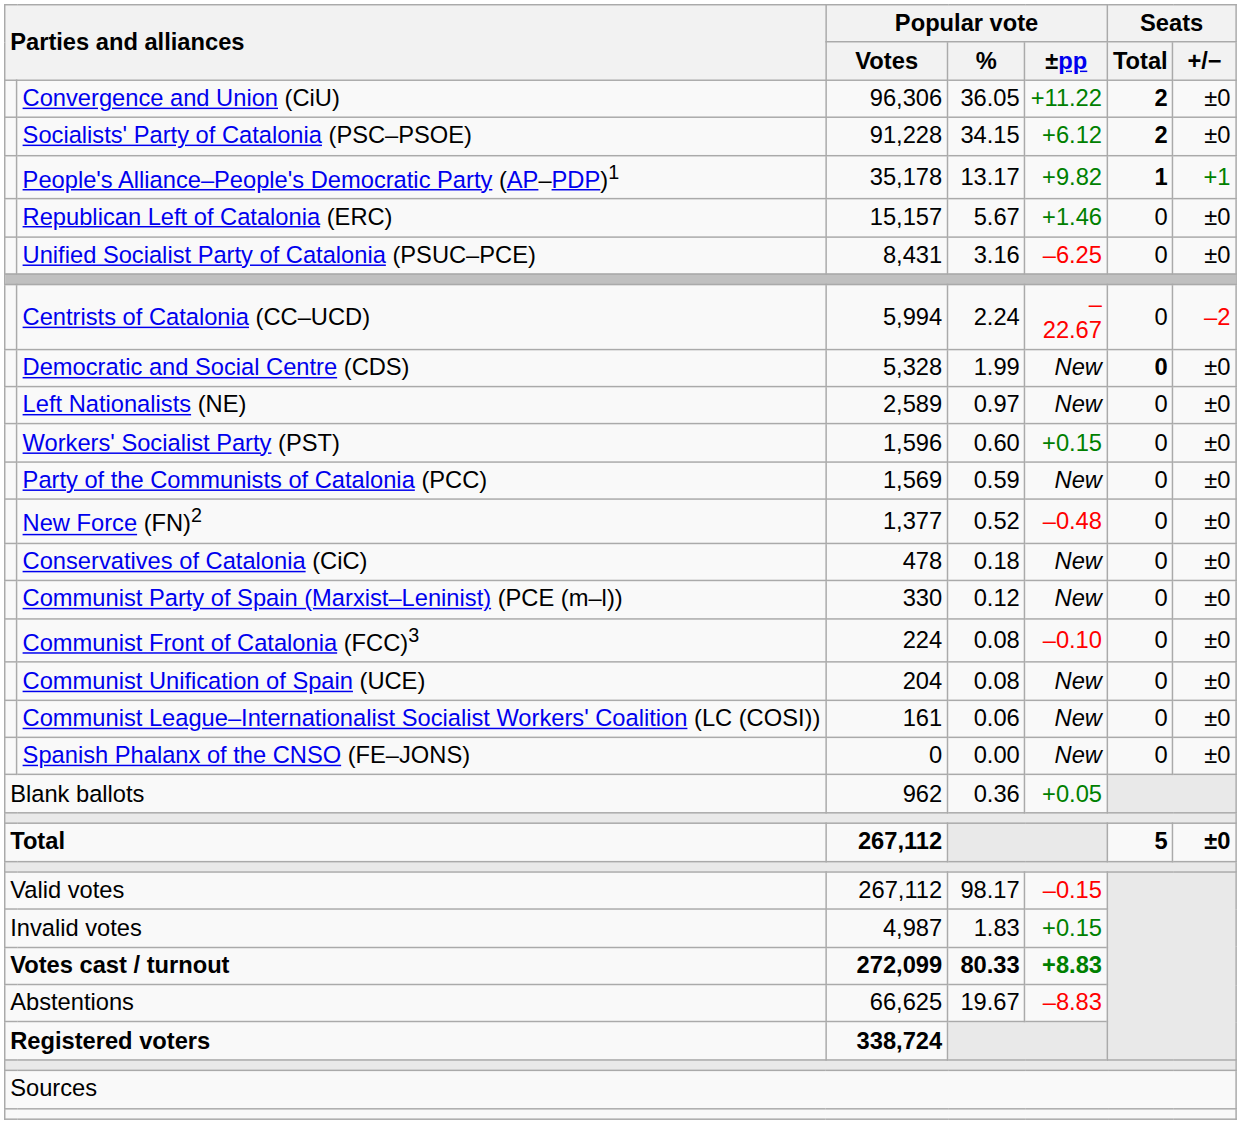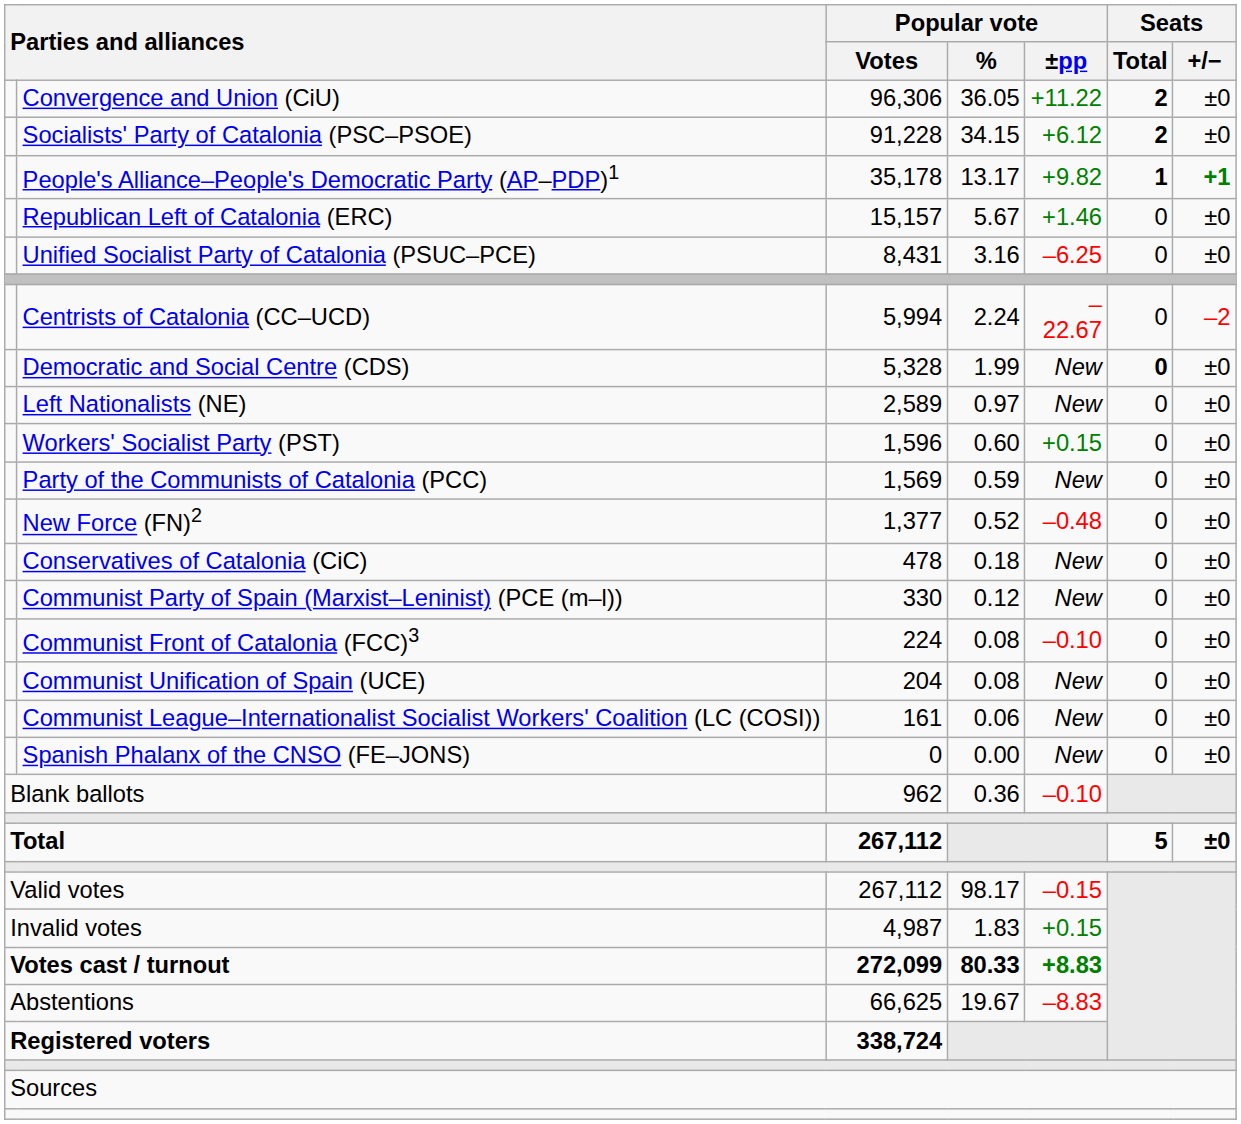 <table class="wikitable" style="text-align:right;">
 <tr>
 <th style="text-align:left;" rowspan="2" colspan="2" width="525">Parties and alliances</th>
 <th colspan="3">Popular vote</th>
 <th colspan="2">Seats</th>
 </tr>
 <tr>
 <th width="75">Votes</th>
 <th width="45">%</th>
 <th width="45">±<a href='#'>pp</a></th>
 <th width="35">Total</th>
 <th width="35">+/−</th>
 </tr>
 <tr>
 <td width="1" style="color:inherit;background:"></td>
 <td align="left"><a href='#'>Convergence and Union</a> (CiU)</td>
 <td>96,306</td>
 <td>36.05</td>
 <td style="color:green;">+11.22</td>
 <td><strong>2</strong></td>
 <td>±0</td>
 </tr>
 <tr>
 <td style="color:inherit;background:"></td>
 <td align="left"><a href='#'>Socialists' Party of Catalonia</a> (PSC–PSOE)</td>
 <td>91,228</td>
 <td>34.15</td>
 <td style="color:green;">+6.12</td>
 <td><strong>2</strong></td>
 <td>±0</td>
 </tr>
 <tr>
 <td style="color:inherit;background:"></td>
 <td align="left"><a href='#'>People's Alliance–People's Democratic Party</a> (<a href='#'>AP</a>–<a href='#'>PDP</a>)<sup>1</sup></td>
 <td>35,178</td>
 <td>13.17</td>
 <td style="color:green;">+9.82</td>
 <td><strong>1</strong></td>
-<td style="color:green;">+1</td>
+<td style="color:green;"><strong>+1</strong></td>
 </tr>
 <tr>
 <td style="color:inherit;background:"></td>
 <td align="left"><a href='#'>Republican Left of Catalonia</a> (ERC)</td>
 <td>15,157</td>
 <td>5.67</td>
 <td style="color:green;">+1.46</td>
 <td>0</td>
 <td>±0</td>
 </tr>
 <tr>
 <td style="color:inherit;background:"></td>
 <td align="left"><a href='#'>Unified Socialist Party of Catalonia</a> (PSUC–PCE)</td>
 <td>8,431</td>
 <td>3.16</td>
 <td style="color:red;">–6.25</td>
 <td>0</td>
 <td>±0</td>
 </tr>
 <tr>
 <td colspan="7" bgcolor="#C0C0C0"></td>
 </tr>
 <tr>
 <td style="color:inherit;background:"></td>
 <td align="left"><a href='#'>Centrists of Catalonia</a> (CC–UCD)</td>
 <td>5,994</td>
 <td>2.24</td>
 <td style="color:red;">–22.67</td>
 <td>0</td>
 <td style="color:red;">–2</td>
 </tr>
 <tr>
 <td style="color:inherit;background:"></td>
 <td align="left"><a href='#'>Democratic and Social Centre</a> (CDS)</td>
 <td>5,328</td>
 <td>1.99</td>
 <td><em>New</em></td>
 <td><strong>0</strong></td>
 <td>±0</td>
 </tr>
 <tr>
 <td style="color:inherit;background:"></td>
 <td align="left"><a href='#'>Left Nationalists</a> (NE)</td>
 <td>2,589</td>
 <td>0.97</td>
 <td><em>New</em></td>
 <td>0</td>
 <td>±0</td>
 </tr>
 <tr>
 <td style="color:inherit;background:"></td>
 <td align="left"><a href='#'>Workers' Socialist Party</a> (PST)</td>
 <td>1,596</td>
 <td>0.60</td>
 <td style="color:green;">+0.15</td>
 <td>0</td>
 <td>±0</td>
 </tr>
 <tr>
 <td style="color:inherit;background:"></td>
 <td align="left"><a href='#'>Party of the Communists of Catalonia</a> (PCC)</td>
 <td>1,569</td>
 <td>0.59</td>
 <td><em>New</em></td>
 <td>0</td>
 <td>±0</td>
 </tr>
 <tr>
 <td style="color:inherit;background:"></td>
 <td align="left"><a href='#'>New Force</a> (FN)<sup>2</sup></td>
 <td>1,377</td>
 <td>0.52</td>
 <td style="color:red;">–0.48</td>
 <td>0</td>
 <td>±0</td>
 </tr>
 <tr>
 <td style="color:inherit;background:"></td>
 <td align="left"><a href='#'>Conservatives of Catalonia</a> (CiC)</td>
 <td>478</td>
 <td>0.18</td>
 <td><em>New</em></td>
 <td>0</td>
 <td>±0</td>
 </tr>
 <tr>
 <td style="color:inherit;background:"></td>
 <td align="left"><a href='#'>Communist Party of Spain (Marxist–Leninist)</a> (PCE (m–l))</td>
 <td>330</td>
 <td>0.12</td>
 <td><em>New</em></td>
 <td>0</td>
 <td>±0</td>
 </tr>
 <tr>
 <td style="color:inherit;background:"></td>
 <td align="left"><a href='#'>Communist Front of Catalonia</a> (FCC)<sup>3</sup></td>
 <td>224</td>
 <td>0.08</td>
 <td style="color:red;">–0.10</td>
 <td>0</td>
 <td>±0</td>
 </tr>
 <tr>
 <td style="color:inherit;background:"></td>
 <td align="left"><a href='#'>Communist Unification of Spain</a> (UCE)</td>
 <td>204</td>
 <td>0.08</td>
 <td><em>New</em></td>
 <td>0</td>
 <td>±0</td>
 </tr>
 <tr>
 <td style="color:inherit;background:"></td>
 <td align="left"><a href='#'>Communist League–Internationalist Socialist Workers' Coalition</a> (LC (COSI))</td>
 <td>161</td>
 <td>0.06</td>
 <td><em>New</em></td>
 <td>0</td>
 <td>±0</td>
 </tr>
 <tr>
 <td style="color:inherit;background:"></td>
 <td align="left"><a href='#'>Spanish Phalanx of the CNSO</a> (FE–JONS)</td>
 <td>0</td>
 <td>0.00</td>
 <td><em>New</em></td>
 <td>0</td>
 <td>±0</td>
 </tr>
 <tr>
 <td align="left" colspan="2">Blank ballots</td>
 <td>962</td>
 <td>0.36</td>
-<td style="color:green;">+0.05</td>
+<td style="color:red;">–0.10</td>
 <td bgcolor="#E9E9E9" colspan="2"></td>
 </tr>
 <tr>
 <td colspan="7" bgcolor="#E9E9E9"></td>
 </tr>
 <tr style="font-weight:bold;">
 <td align="left" colspan="2">Total</td>
 <td>267,112</td>
 <td bgcolor="#E9E9E9" colspan="2"></td>
 <td>5</td>
 <td>±0</td>
 </tr>
 <tr>
 <td colspan="7" bgcolor="#E9E9E9"></td>
 </tr>
 <tr>
 <td align="left" colspan="2">Valid votes</td>
 <td>267,112</td>
 <td>98.17</td>
 <td style="color:red;">–0.15</td>
 <td bgcolor="#E9E9E9" colspan="2" rowspan="5"></td>
 </tr>
 <tr>
 <td align="left" colspan="2">Invalid votes</td>
 <td>4,987</td>
 <td>1.83</td>
 <td style="color:green;">+0.15</td>
 </tr>
 <tr style="font-weight:bold;">
 <td align="left" colspan="2">Votes cast / turnout</td>
 <td>272,099</td>
 <td>80.33</td>
 <td style="color:green;">+8.83</td>
 </tr>
 <tr>
 <td align="left" colspan="2">Abstentions</td>
 <td>66,625</td>
 <td>19.67</td>
 <td style="color:red;">–8.83</td>
 </tr>
 <tr style="font-weight:bold;">
 <td align="left" colspan="2">Registered voters</td>
 <td>338,724</td>
 <td bgcolor="#E9E9E9" colspan="2"></td>
 </tr>
 <tr>
 <td colspan="7" bgcolor="#E9E9E9"></td>
 </tr>
 <tr>
 <td align="left" colspan="7">Sources</td>
 </tr>
 <tr>
 <td colspan="7" style="text-align:left; max-width:790px;"></td>
 </tr>
 </table>
